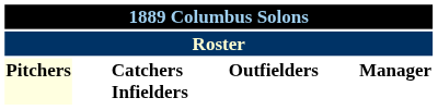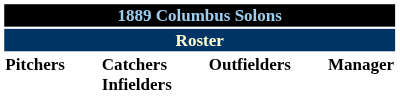 <table class="toccolours" style="font-size: 95%;">
 <tr>
 <th colspan="10" style="background-color: black; color: #9ECEEE; text-align: center;">1889 Columbus Solons</th>
 </tr>
 <tr>
 <td colspan="10" style="background-color: #003366; color: #FFFDD0; text-align: center;"><strong>Roster</strong></td>
 </tr>
 <tr>
-<td valign="top" style="background: lightyellow;"><strong>Pitchers</strong><br>     </td>
+<td valign="top"><strong>Pitchers</strong><br>     </td>
 <td width="25px"></td>
 <td valign="top"><strong>Catchers</strong><br>      <strong>Infielders</strong>       </td>
 <td width="25px"></td>
 <td valign="top"><strong>Outfielders</strong><br>   </td>
 <td width="25px"></td>
 <td valign="top"><strong>Manager</strong><br></td>
 </tr>
 </table>
